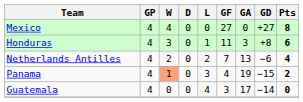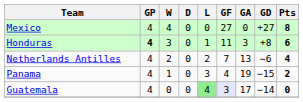 <table class="wikitable" style="text-align:center;">
 <tr>
 <th width=180>Team</th>
 <th width=20>GP</th>
 <th width=20>W</th>
 <th width=20>D</th>
 <th width=20>L</th>
 <th width=20>GF</th>
 <th width=20>GA</th>
 <th width=20>GD</th>
 <th width=20>Pts</th>
 </tr>
 <tr style="background:#ccffcc;">
 <td style="text-align:left;"> <a href='#'>Mexico</a></td>
 <td>4</td>
 <td>4</td>
 <td>0</td>
 <td>0</td>
 <td>27</td>
 <td>0</td>
 <td>+27</td>
 <td><strong>8</strong></td>
 </tr>
 <tr style="background:#ccffcc;">
 <td style="text-align:left;"> <a href='#'>Honduras</a></td>
-<td>4</td>
+<td><strong>4</strong></td>
 <td>3</td>
 <td>0</td>
 <td>1</td>
 <td>11</td>
 <td>3</td>
 <td>+8</td>
 <td><strong>6</strong></td>
 </tr>
 <tr>
 <td style="text-align:left;"> <a href='#'>Netherlands Antilles</a></td>
 <td>4</td>
 <td>2</td>
 <td>0</td>
 <td>2</td>
 <td>7</td>
 <td>13</td>
 <td>−6</td>
 <td><strong>4</strong></td>
 </tr>
 <tr>
 <td style="text-align:left;"> <a href='#'>Panama</a></td>
 <td>4</td>
-<td style="background: lightsalmon;">1</td>
+<td>1</td>
 <td>0</td>
 <td>3</td>
 <td>4</td>
 <td>19</td>
 <td>−15</td>
 <td><strong>2</strong></td>
 </tr>
 <tr>
 <td style="text-align:left;"> <a href='#'>Guatemala</a></td>
 <td>4</td>
 <td>0</td>
 <td>0</td>
-<td>4</td>
-<td>3</td>
+<td style="background: lightgreen;">4</td>
+<td style="background: lavender;">3</td>
 <td>17</td>
 <td>−14</td>
 <td><strong>0</strong></td>
 </tr>
 <tr>
 </tr>
 </table>
